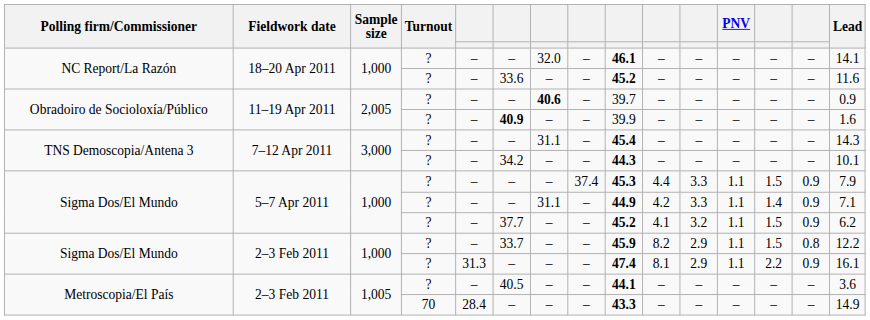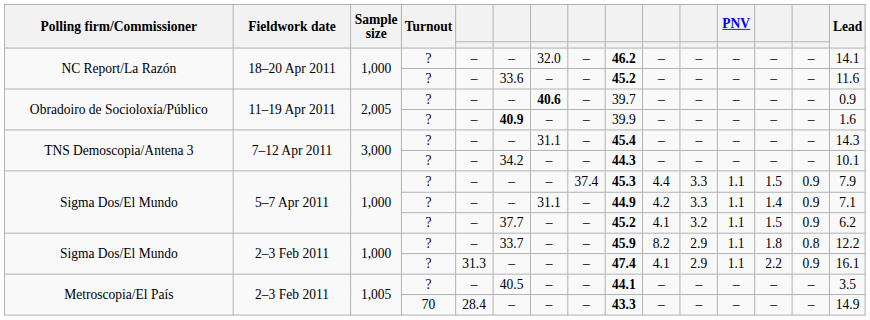 <table class="wikitable collapsible collapsed" style="text-align:center; font-size:95%; line-height:16px;">
 <tr style="height:42px;">
 <th style="width:250px;" rowspan="2">Polling firm/Commissioner</th>
 <th style="width:125px;" rowspan="2">Fieldwork date</th>
 <th style="width:50px;" rowspan="2">Sample size</th>
 <th style="width:45px;" rowspan="2">Turnout</th>
 <th style="width:35px;"></th>
 <th style="width:35px;"></th>
 <th style="width:35px;"></th>
 <th style="width:35px;"></th>
 <th style="width:35px;"></th>
 <th style="width:35px;"></th>
 <th style="width:35px;"></th>
 <th style="width:35px;"><a href='#'>PNV</a></th>
 <th style="width:35px;"></th>
 <th style="width:35px;"></th>
 <th style="width:30px;" rowspan="2">Lead</th>
 </tr>
 <tr>
 <th style="color:inherit;background:"></th>
 <th style="color:inherit;background:"></th>
 <th style="color:inherit;background:"></th>
 <th style="color:inherit;background:"></th>
 <th style="color:inherit;background:"></th>
 <th style="color:inherit;background:"></th>
 <th style="color:inherit;background:"></th>
 <th style="color:inherit;background:"></th>
 <th style="color:inherit;background:"></th>
 <th style="color:inherit;background:"></th>
 </tr>
 <tr>
 <td rowspan="2">NC Report/La Razón</td>
 <td rowspan="2">18–20 Apr 2011</td>
 <td rowspan="2">1,000</td>
 <td>?</td>
 <td>–</td>
 <td>–</td>
 <td>32.0</td>
 <td>–</td>
-<td><strong>46.1</strong></td>
+<td><strong>46.2</strong></td>
 <td>–</td>
 <td>–</td>
 <td>–</td>
 <td>–</td>
 <td>–</td>
 <td style="background:">14.1</td>
 </tr>
 <tr>
 <td>?</td>
 <td>–</td>
 <td>33.6</td>
 <td>–</td>
 <td>–</td>
 <td><strong>45.2</strong></td>
 <td>–</td>
 <td>–</td>
 <td>–</td>
 <td>–</td>
 <td>–</td>
 <td style="background:">11.6</td>
 </tr>
 <tr>
 <td rowspan="2">Obradoiro de Socioloxía/Público</td>
 <td rowspan="2">11–19 Apr 2011</td>
 <td rowspan="2">2,005</td>
 <td>?</td>
 <td>–</td>
 <td>–</td>
 <td><strong>40.6</strong></td>
 <td>–</td>
 <td>39.7</td>
 <td>–</td>
 <td>–</td>
 <td>–</td>
 <td>–</td>
 <td>–</td>
 <td style="background:">0.9</td>
 </tr>
 <tr>
 <td>?</td>
 <td>–</td>
 <td><strong>40.9</strong></td>
 <td>–</td>
 <td>–</td>
 <td>39.9</td>
 <td>–</td>
 <td>–</td>
 <td>–</td>
 <td>–</td>
 <td>–</td>
 <td style="background:">1.6</td>
 </tr>
 <tr>
 <td rowspan="2">TNS Demoscopia/Antena 3</td>
 <td rowspan="2">7–12 Apr 2011</td>
 <td rowspan="2">3,000</td>
 <td>?</td>
 <td>–</td>
 <td>–</td>
 <td>31.1</td>
 <td>–</td>
 <td><strong>45.4</strong></td>
 <td>–</td>
 <td>–</td>
 <td>–</td>
 <td>–</td>
 <td>–</td>
 <td style="background:">14.3</td>
 </tr>
 <tr>
 <td>?</td>
 <td>–</td>
 <td>34.2</td>
 <td>–</td>
 <td>–</td>
 <td><strong>44.3</strong></td>
 <td>–</td>
 <td>–</td>
 <td>–</td>
 <td>–</td>
 <td>–</td>
 <td style="background:">10.1</td>
 </tr>
 <tr>
 <td rowspan="3">Sigma Dos/El Mundo</td>
 <td rowspan="3">5–7 Apr 2011</td>
 <td rowspan="3">1,000</td>
 <td>?</td>
 <td>–</td>
 <td>–</td>
 <td>–</td>
 <td>37.4</td>
 <td><strong>45.3</strong></td>
 <td>4.4</td>
 <td>3.3</td>
 <td>1.1</td>
 <td>1.5</td>
 <td>0.9</td>
 <td style="background:">7.9</td>
 </tr>
 <tr>
 <td>?</td>
 <td>–</td>
 <td>–</td>
 <td>31.1</td>
 <td>–</td>
 <td><strong>44.9</strong></td>
 <td>4.2</td>
 <td>3.3</td>
 <td>1.1</td>
 <td>1.4</td>
 <td>0.9</td>
 <td style="background:">7.1</td>
 </tr>
 <tr>
 <td>?</td>
 <td>–</td>
 <td>37.7</td>
 <td>–</td>
 <td>–</td>
 <td><strong>45.2</strong></td>
 <td>4.1</td>
 <td>3.2</td>
 <td>1.1</td>
 <td>1.5</td>
 <td>0.9</td>
 <td style="background:">6.2</td>
 </tr>
 <tr>
 <td rowspan="2">Sigma Dos/El Mundo</td>
 <td rowspan="2">2–3 Feb 2011</td>
 <td rowspan="2">1,000</td>
 <td>?</td>
 <td>–</td>
 <td>33.7</td>
 <td>–</td>
 <td>–</td>
 <td><strong>45.9</strong></td>
 <td>8.2</td>
 <td>2.9</td>
 <td>1.1</td>
-<td>1.5</td>
+<td>1.8</td>
 <td>0.8</td>
 <td style="background:">12.2</td>
 </tr>
 <tr>
 <td>?</td>
 <td>31.3</td>
 <td>–</td>
 <td>–</td>
 <td>–</td>
 <td><strong>47.4</strong></td>
-<td>8.1</td>
+<td>4.1</td>
 <td>2.9</td>
 <td>1.1</td>
 <td>2.2</td>
 <td>0.9</td>
 <td style="background:">16.1</td>
 </tr>
 <tr>
 <td rowspan="2">Metroscopia/El País</td>
 <td rowspan="2">2–3 Feb 2011</td>
 <td rowspan="2">1,005</td>
 <td>?</td>
 <td>–</td>
 <td>40.5</td>
 <td>–</td>
 <td>–</td>
 <td><strong>44.1</strong></td>
 <td>–</td>
 <td>–</td>
 <td>–</td>
 <td>–</td>
 <td>–</td>
-<td style="background:">3.6</td>
+<td style="background:">3.5</td>
 </tr>
 <tr>
 <td>70</td>
 <td>28.4</td>
 <td>–</td>
 <td>–</td>
 <td>–</td>
 <td><strong>43.3</strong></td>
 <td>–</td>
 <td>–</td>
 <td>–</td>
 <td>–</td>
 <td>–</td>
 <td style="background:">14.9</td>
 </tr>
 </table>
